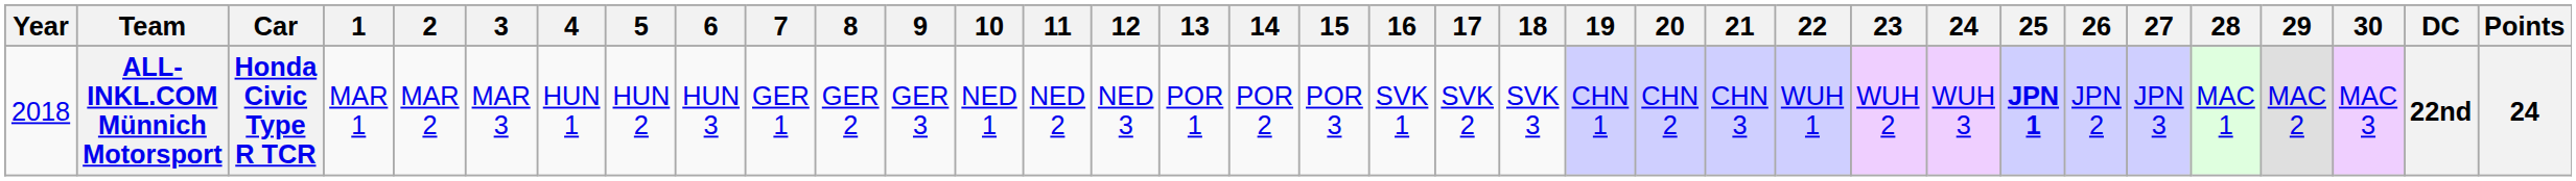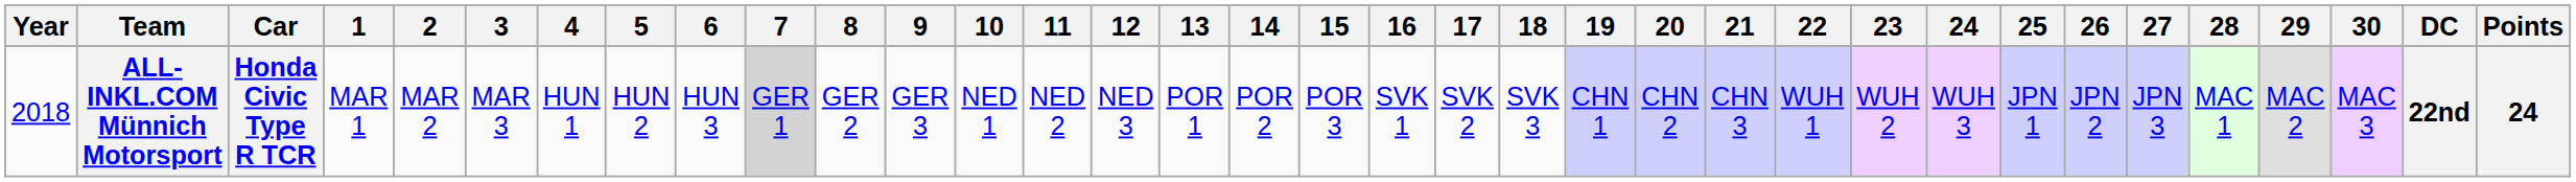 <table class="wikitable" style="text-align:center; font-size:85%">
 <tr>
 <th>Year</th>
 <th>Team</th>
 <th>Car</th>
 <th>1</th>
 <th>2</th>
 <th>3</th>
 <th>4</th>
 <th>5</th>
 <th>6</th>
 <th>7</th>
 <th>8</th>
 <th>9</th>
 <th>10</th>
 <th>11</th>
 <th>12</th>
 <th>13</th>
 <th>14</th>
 <th>15</th>
 <th>16</th>
 <th>17</th>
 <th>18</th>
 <th>19</th>
 <th>20</th>
 <th>21</th>
 <th>22</th>
 <th>23</th>
 <th>24</th>
 <th>25</th>
 <th>26</th>
 <th>27</th>
 <th>28</th>
 <th>29</th>
 <th>30</th>
 <th>DC</th>
 <th>Points</th>
 </tr>
 <tr>
 <td><a href='#'>2018</a></td>
 <th><a href='#'>ALL-INKL.COM Münnich Motorsport</a></th>
 <th><a href='#'>Honda Civic Type R TCR</a></th>
 <td><a href='#'>MAR<br>1</a></td>
 <td><a href='#'>MAR<br>2</a></td>
 <td><a href='#'>MAR<br>3</a></td>
 <td><a href='#'>HUN<br>1</a></td>
 <td><a href='#'>HUN<br>2</a></td>
 <td><a href='#'>HUN<br>3</a></td>
-<td><a href='#'>GER<br>1</a></td>
+<td style="background: lightgrey;"><a href='#'>GER<br>1</a></td>
 <td><a href='#'>GER<br>2</a></td>
 <td><a href='#'>GER<br>3</a></td>
 <td><a href='#'>NED<br>1</a></td>
 <td><a href='#'>NED<br>2</a></td>
 <td><a href='#'>NED<br>3</a></td>
 <td><a href='#'>POR<br>1</a></td>
 <td><a href='#'>POR<br>2</a></td>
 <td><a href='#'>POR<br>3</a></td>
 <td><a href='#'>SVK<br>1</a></td>
 <td><a href='#'>SVK<br>2</a></td>
 <td><a href='#'>SVK<br>3</a></td>
 <td style="background:#CFCFFF;"><a href='#'>CHN<br>1</a><br></td>
 <td style="background:#CFCFFF;"><a href='#'>CHN<br>2</a><br></td>
 <td style="background:#CFCFFF;"><a href='#'>CHN<br>3</a><br></td>
 <td style="background:#CFCFFF;"><a href='#'>WUH<br>1</a><br></td>
 <td style="background:#EFCFFF;"><a href='#'>WUH<br>2</a><br></td>
 <td style="background:#EFCFFF;"><a href='#'>WUH<br>3</a><br></td>
-<td style="background:#CFCFFF;"><strong><a href='#'>JPN<br>1</a><br></strong></td>
+<td style="background:#CFCFFF;"><a href='#'>JPN<br>1</a><br></td>
 <td style="background:#CFCFFF;"><a href='#'>JPN<br>2</a><br></td>
 <td style="background:#CFCFFF;"><a href='#'>JPN<br>3</a><br></td>
 <td style="background:#DFFFDF;"><a href='#'>MAC<br>1</a><br></td>
 <td style="background:#DFDFDF;"><a href='#'>MAC<br>2</a><br></td>
 <td style="background:#EFCFFF;"><a href='#'>MAC<br>3</a><br></td>
 <th>22nd</th>
 <th>24</th>
 </tr>
 </table>
